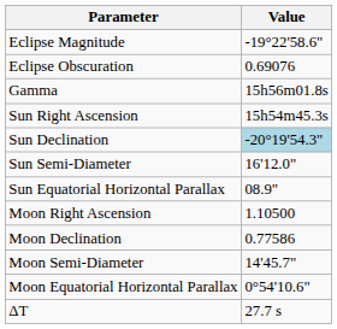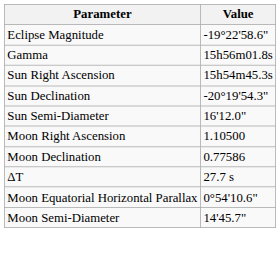 <table class="wikitable">
 <tr>
 <th>Parameter</th>
 <th>Value</th>
 </tr>
 <tr>
 <td>Eclipse Magnitude</td>
 <td>-19°22'58.6"</td>
-</tr>
-<tr>
-<td>Eclipse Obscuration</td>
-<td>0.69076</td>
 </tr>
 <tr>
 <td>Gamma</td>
 <td>15h56m01.8s</td>
 </tr>
 <tr>
 <td>Sun Right Ascension</td>
 <td>15h54m45.3s</td>
 </tr>
 <tr>
 <td>Sun Declination</td>
-<td style="background: lightblue;">-20°19'54.3"</td>
+<td>-20°19'54.3"</td>
 </tr>
 <tr>
 <td>Sun Semi-Diameter</td>
 <td>16'12.0"</td>
-</tr>
-<tr>
-<td>Sun Equatorial Horizontal Parallax</td>
-<td>08.9"</td>
 </tr>
 <tr>
 <td>Moon Right Ascension</td>
 <td>1.10500</td>
 </tr>
 <tr>
 <td>Moon Declination</td>
 <td>0.77586</td>
 </tr>
 <tr>
-<td>Moon Semi-Diameter</td>
-<td>14'45.7"</td>
+<td>ΔT</td>
+<td>27.7 s</td>
 </tr>
 <tr>
 <td>Moon Equatorial Horizontal Parallax</td>
 <td>0°54'10.6"</td>
 </tr>
 <tr>
-<td>ΔT</td>
-<td>27.7 s</td>
+<td>Moon Semi-Diameter</td>
+<td>14'45.7"</td>
 </tr>
 </table>
